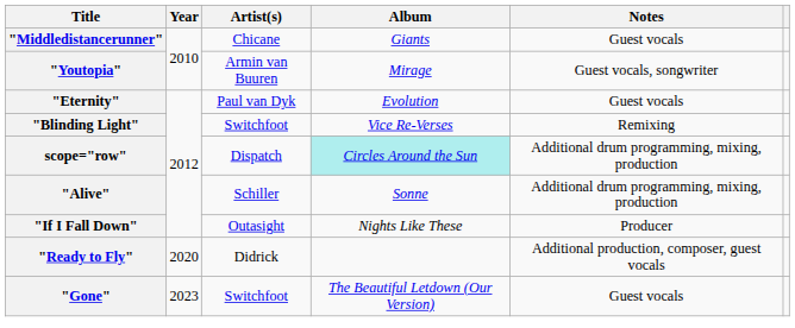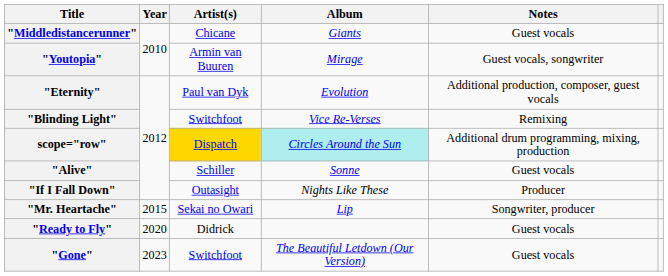 <table class="wikitable plainrowheaders" style="text-align:center">
 <tr>
 <th scope="col" style="width:10em;">Title</th>
 <th scope="col" style="width:1em;">Year</th>
 <th scope="col">Artist(s)</th>
 <th scope="col">Album</th>
 <th scope="col">Notes</th>
 <th scope="col"></th>
 </tr>
 <tr>
 <th scope="row">"<a href='#'>Middledistancerunner</a>"</th>
 <td rowspan="2">2010</td>
 <td><a href='#'>Chicane</a></td>
 <td><em><a href='#'>Giants</a></em></td>
 <td>Guest vocals</td>
 <td></td>
 </tr>
 <tr>
 <th scope="row">"<a href='#'>Youtopia</a>"</th>
 <td><a href='#'>Armin van Buuren</a></td>
 <td><em><a href='#'>Mirage</a></em></td>
 <td>Guest vocals, songwriter</td>
 <td></td>
 </tr>
 <tr>
 <th scope="row">"Eternity"</th>
 <td rowspan="5">2012</td>
 <td><a href='#'>Paul van Dyk</a></td>
 <td><em><a href='#'>Evolution</a></em></td>
-<td>Guest vocals</td>
+<td>Additional production, composer, guest vocals</td>
 <td></td>
 </tr>
 <tr>
 <th scope="row">"Blinding Light"</th>
 <td><a href='#'>Switchfoot</a></td>
 <td><em><a href='#'>Vice Re-Verses</a></em></td>
 <td>Remixing</td>
 <td></td>
 </tr>
 <tr>
 <th>scope="row" </th>
-<td><a href='#'>Dispatch</a></td>
+<td style="background: gold;"><a href='#'>Dispatch</a></td>
 <td style="background: paleturquoise;"><em><a href='#'>Circles Around the Sun</a></em></td>
 <td>Additional drum programming, mixing, production</td>
 <td></td>
 </tr>
 <tr>
 <th scope="row">"Alive"</th>
 <td><a href='#'>Schiller</a></td>
 <td><em><a href='#'>Sonne</a></em></td>
-<td>Additional drum programming, mixing, production</td>
+<td>Guest vocals</td>
 <td></td>
 </tr>
 <tr>
 <th scope="row">"If I Fall Down"</th>
 <td><a href='#'>Outasight</a></td>
 <td><em>Nights Like These</em></td>
 <td>Producer</td>
 <td></td>
 </tr>
 <tr>
+<th scope="row">"Mr. Heartache"</th>
+<td>2015</td>
+<td><a href='#'>Sekai no Owari</a></td>
+<td><em><a href='#'>Lip</a></em></td>
+<td>Songwriter, producer</td>
+<td></td>
+</tr>
+<tr>
 <th scope="row">"<a href='#'>Ready to Fly</a>"</th>
 <td>2020</td>
 <td>Didrick</td>
 <td></td>
-<td>Additional production, composer, guest vocals</td>
+<td>Guest vocals</td>
 <td></td>
 </tr>
 <tr>
 <th scope="row">"<a href='#'>Gone</a>"</th>
 <td>2023</td>
 <td><a href='#'>Switchfoot</a></td>
 <td><em><a href='#'>The Beautiful Letdown (Our Version)</a></em></td>
 <td>Guest vocals</td>
 <td></td>
 </tr>
 </table>
